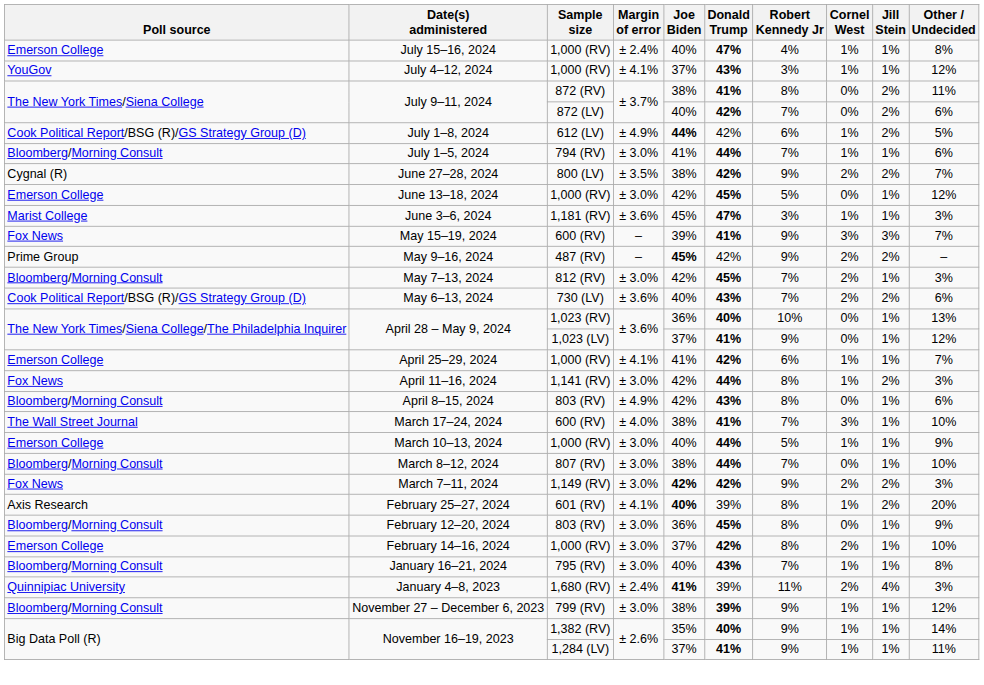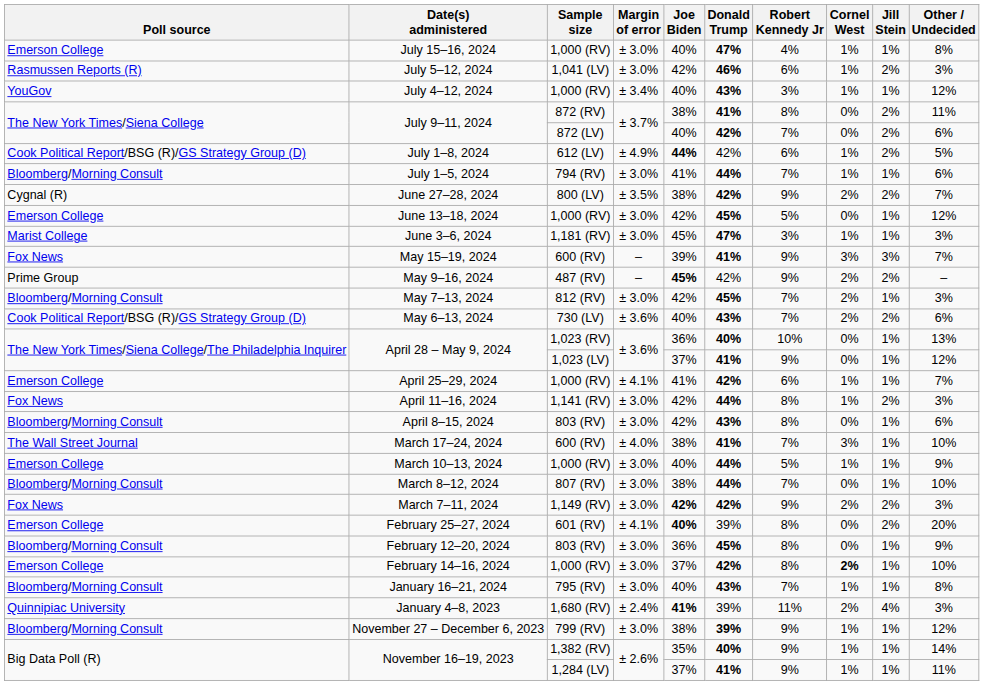 <table class="wikitable sortable mw-datatable" style="font-size:90%;text-align:center;line-height:17px">
 <tr valign=bottom>
 <th>Poll source</th>
 <th>Date(s)<br>administered</th>
 <th>Sample<br>size</th>
 <th>Margin<br>of error</th>
 <th class="unsortable">Joe<br>Biden<br></th>
 <th class="unsortable">Donald<br>Trump<br></th>
 <th class="unsortable">Robert<br>Kennedy Jr<br></th>
 <th class="unsortable">Cornel<br>West<br></th>
 <th class="unsortable">Jill<br>Stein<br></th>
 <th class="unsortable">Other /<br>Undecided</th>
 </tr>
 <tr>
 <td style="text-align:left;"><a href='#'>Emerson College</a></td>
 <td data-sort-value="2024-07-18">July 15–16, 2024</td>
 <td>1,000 (RV)</td>
-<td>± 2.4%</td>
+<td>± 3.0%</td>
 <td>40%</td>
 <td style="background-color:"><strong>47%</strong></td>
 <td>4%</td>
 <td>1%</td>
 <td>1%</td>
 <td>8%</td>
 </tr>
 <tr>
+<td style="text-align:left;"><a href='#'>Rasmussen Reports (R)</a></td>
+<td data-sort-value="2024-07-19">July 5–12, 2024</td>
+<td>1,041 (LV)</td>
+<td>± 3.0%</td>
+<td>42%</td>
+<td style="background-color:"><strong>46%</strong></td>
+<td>6%</td>
+<td>1%</td>
+<td>2%</td>
+<td>3%</td>
+</tr>
+<tr>
 <td style="text-align:left;"><a href='#'>YouGov</a></td>
 <td data-sort-value="2024-07-15">July 4–12, 2024</td>
 <td>1,000 (RV)</td>
-<td>± 4.1%</td>
-<td>37%</td>
+<td>± 3.4%</td>
+<td>40%</td>
 <td style="background-color:"><strong>43%</strong></td>
 <td>3%</td>
 <td>1%</td>
 <td>1%</td>
 <td>12%</td>
 </tr>
 <tr>
 <td style="text-align:left;" rowspan="2"><a href='#'>The New York Times</a>/<a href='#'>Siena College</a></td>
 <td rowspan="2">July 9–11, 2024</td>
 <td>872 (RV)</td>
 <td rowspan="2">± 3.7%</td>
 <td>38%</td>
 <td style="background-color:"><strong>41%</strong></td>
 <td>8%</td>
 <td>0%</td>
 <td>2%</td>
 <td>11%</td>
 </tr>
 <tr>
 <td>872 (LV)</td>
 <td>40%</td>
 <td style="background-color:"><strong>42%</strong></td>
 <td>7%</td>
 <td>0%</td>
 <td>2%</td>
 <td>6%</td>
 </tr>
 <tr>
 <td style="text-align:left;"><a href='#'>Cook Political Report</a>/BSG (R)/<a href='#'>GS Strategy Group (D)</a></td>
 <td data-sort-value="2024-07-08">July 1–8, 2024</td>
 <td>612 (LV)</td>
 <td>± 4.9%</td>
 <td style="color:black;background-color:"><strong>44%</strong></td>
 <td>42%</td>
 <td>6%</td>
 <td>1%</td>
 <td>2%</td>
 <td>5%</td>
 </tr>
 <tr>
 <td style="text-align:left;"><a href='#'>Bloomberg</a>/<a href='#'>Morning Consult</a></td>
 <td data-sort-value="2024-07-06">July 1–5, 2024</td>
 <td>794 (RV)</td>
 <td>± 3.0%</td>
 <td>41%</td>
 <td style="background-color:"><strong>44%</strong></td>
 <td>7%</td>
 <td>1%</td>
 <td>1%</td>
 <td>6%</td>
 </tr>
 <tr>
 <td style="text-align:left;">Cygnal (R)</td>
 <td data-sort-value="2024-07-01">June 27–28, 2024</td>
 <td>800 (LV)</td>
 <td>± 3.5%</td>
 <td>38%</td>
 <td style="background-color:"><strong>42%</strong></td>
 <td>9%</td>
 <td>2%</td>
 <td>2%</td>
 <td>7%</td>
 </tr>
 <tr>
 <td style="text-align:left;"><a href='#'>Emerson College</a></td>
 <td data-sort-value="2024-06-20">June 13–18, 2024</td>
 <td>1,000 (RV)</td>
 <td>± 3.0%</td>
 <td>42%</td>
 <td style="background-color:"><strong>45%</strong></td>
 <td>5%</td>
 <td>0%</td>
 <td>1%</td>
 <td>12%</td>
 </tr>
 <tr>
 <td style="text-align:left;"><a href='#'>Marist College</a></td>
 <td data-sort-value="2024-06-12">June 3–6, 2024</td>
 <td>1,181 (RV)</td>
-<td>± 3.6%</td>
+<td>± 3.0%</td>
 <td>45%</td>
 <td style="background-color:"><strong>47%</strong></td>
 <td>3%</td>
 <td>1%</td>
 <td>1%</td>
 <td>3%</td>
 </tr>
 <tr>
 <td style="text-align:left;"><a href='#'>Fox News</a></td>
 <td data-sort-value="2024-07-08">May 15–19, 2024</td>
 <td>600 (RV)</td>
 <td>–</td>
 <td>39%</td>
 <td style="background-color:"><strong>41%</strong></td>
 <td>9%</td>
 <td>3%</td>
 <td>3%</td>
 <td>7%</td>
 </tr>
 <tr>
 <td style="text-align:left;">Prime Group</td>
 <td data-sort-value="2024-05-22">May 9–16, 2024</td>
 <td>487 (RV)</td>
 <td>–</td>
 <td style="color:black;background-color:"><strong>45%</strong></td>
 <td>42%</td>
 <td>9%</td>
 <td>2%</td>
 <td>2%</td>
 <td>–</td>
 </tr>
 <tr>
 <td style="text-align:left;"><a href='#'>Bloomberg</a>/<a href='#'>Morning Consult</a></td>
 <td data-sort-value="2024-05-22">May 7–13, 2024</td>
 <td>812 (RV)</td>
 <td>± 3.0%</td>
 <td>42%</td>
 <td style="background-color:"><strong>45%</strong></td>
 <td>7%</td>
 <td>2%</td>
 <td>1%</td>
 <td>3%</td>
 </tr>
 <tr>
 <td style="text-align:left;"><a href='#'>Cook Political Report</a>/BSG (R)/<a href='#'>GS Strategy Group (D)</a></td>
 <td data-sort-value="2024-05-23">May 6–13, 2024</td>
 <td>730 (LV)</td>
 <td>± 3.6%</td>
 <td>40%</td>
 <td style="background-color:"><strong>43%</strong></td>
 <td>7%</td>
 <td>2%</td>
 <td>2%</td>
 <td>6%</td>
 </tr>
 <tr>
 <td style="text-align:left;" rowspan="2"><a href='#'>The New York Times</a>/<a href='#'>Siena College</a>/<a href='#'>The Philadelphia Inquirer</a></td>
 <td rowspan="2">April 28 – May 9, 2024</td>
 <td>1,023 (RV)</td>
 <td rowspan="2">± 3.6%</td>
 <td>36%</td>
 <td style="background-color:"><strong>40%</strong></td>
 <td>10%</td>
 <td>0%</td>
 <td>1%</td>
 <td>13%</td>
 </tr>
 <tr>
 <td>1,023 (LV)</td>
 <td>37%</td>
 <td style="background-color:"><strong>41%</strong></td>
 <td>9%</td>
 <td>0%</td>
 <td>1%</td>
 <td>12%</td>
 </tr>
 <tr>
 <td style="text-align:left;"><a href='#'>Emerson College</a></td>
 <td data-sort-value="2024-04-30">April 25–29, 2024</td>
 <td>1,000 (RV)</td>
 <td>± 4.1%</td>
 <td>41%</td>
 <td style="background-color:"><strong>42%</strong></td>
 <td>6%</td>
 <td>1%</td>
 <td>1%</td>
 <td>7%</td>
 </tr>
 <tr>
 <td style="text-align:left;"><a href='#'>Fox News</a></td>
 <td data-sort-value="2024-04-18">April 11–16, 2024</td>
 <td>1,141 (RV)</td>
 <td>± 3.0%</td>
 <td>42%</td>
 <td style="background-color:"><strong>44%</strong></td>
 <td>8%</td>
 <td>1%</td>
 <td>2%</td>
 <td>3%</td>
 </tr>
 <tr>
 <td style="text-align:left;"><a href='#'>Bloomberg</a>/<a href='#'>Morning Consult</a></td>
 <td data-sort-value="2024-04-24">April 8–15, 2024</td>
 <td>803 (RV)</td>
-<td>± 4.9%</td>
+<td>± 3.0%</td>
 <td>42%</td>
 <td style="background-color:"><strong>43%</strong></td>
 <td>8%</td>
 <td>0%</td>
 <td>1%</td>
 <td>6%</td>
 </tr>
 <tr>
 <td style="text-align:left;"><a href='#'>The Wall Street Journal</a></td>
 <td data-sort-value="2024-04-02">March 17–24, 2024</td>
 <td>600 (RV)</td>
 <td>± 4.0%</td>
 <td>38%</td>
 <td style="background-color:"><strong>41%</strong></td>
 <td>7%</td>
 <td>3%</td>
 <td>1%</td>
 <td>10%</td>
 </tr>
 <tr>
 <td style="text-align:left;"><a href='#'>Emerson College</a></td>
 <td data-sort-value="2024-03-14">March 10–13, 2024</td>
 <td>1,000 (RV)</td>
 <td>± 3.0%</td>
 <td>40%</td>
 <td style="background-color:"><strong>44%</strong></td>
 <td>5%</td>
 <td>1%</td>
 <td>1%</td>
 <td>9%</td>
 </tr>
 <tr>
 <td style="text-align:left;"><a href='#'>Bloomberg</a>/<a href='#'>Morning Consult</a></td>
 <td data-sort-value="2024-03-26">March 8–12, 2024</td>
 <td>807 (RV)</td>
 <td>± 3.0%</td>
 <td>38%</td>
 <td style="background-color:"><strong>44%</strong></td>
 <td>7%</td>
 <td>0%</td>
 <td>1%</td>
 <td>10%</td>
 </tr>
 <tr>
 <td style="text-align:left;"><a href='#'>Fox News</a></td>
 <td data-sort-value="2024-03-13">March 7–11, 2024</td>
 <td>1,149 (RV)</td>
 <td>± 3.0%</td>
 <td><strong>42%</strong></td>
 <td><strong>42%</strong></td>
 <td>9%</td>
 <td>2%</td>
 <td>2%</td>
 <td>3%</td>
 </tr>
 <tr>
-<td style="text-align:left;">Axis Research</td>
+<td style="text-align:left;"><a href='#'>Emerson College</a></td>
 <td data-sort-value="2024-02-27">February 25–27, 2024</td>
 <td>601 (RV)</td>
 <td>± 4.1%</td>
 <td style="color:black;background-color:"><strong>40%</strong></td>
 <td>39%</td>
 <td>8%</td>
-<td>1%</td>
+<td>0%</td>
 <td>2%</td>
 <td>20%</td>
 </tr>
 <tr>
 <td style="text-align:left;"><a href='#'>Bloomberg</a>/<a href='#'>Morning Consult</a></td>
 <td data-sort-value="2024-02-29">February 12–20, 2024</td>
 <td>803 (RV)</td>
 <td>± 3.0%</td>
 <td>36%</td>
 <td style="background-color:"><strong>45%</strong></td>
 <td>8%</td>
 <td>0%</td>
 <td>1%</td>
 <td>9%</td>
 </tr>
 <tr>
 <td style="text-align:left;"><a href='#'>Emerson College</a></td>
 <td data-sort-value="2024-02-20">February 14–16, 2024</td>
 <td>1,000 (RV)</td>
 <td>± 3.0%</td>
 <td>37%</td>
 <td style="background-color:"><strong>42%</strong></td>
 <td>8%</td>
-<td>2%</td>
+<td><strong>2%</strong></td>
 <td>1%</td>
 <td>10%</td>
 </tr>
 <tr>
 <td style="text-align:left;"><a href='#'>Bloomberg</a>/<a href='#'>Morning Consult</a></td>
 <td data-sort-value="2024-01-31">January 16–21, 2024</td>
 <td>795 (RV)</td>
 <td>± 3.0%</td>
 <td>40%</td>
 <td style="background-color:"><strong>43%</strong></td>
 <td>7%</td>
 <td>1%</td>
 <td>1%</td>
 <td>8%</td>
 </tr>
 <tr>
 <td style="text-align:left;"><a href='#'>Quinnipiac University</a></td>
 <td data-sort-value="2023-12-14">January 4–8, 2023</td>
 <td>1,680 (RV)</td>
 <td>± 2.4%</td>
 <td style="color:black;background-color:"><strong>41%</strong></td>
 <td>39%</td>
 <td>11%</td>
 <td>2%</td>
 <td>4%</td>
 <td>3%</td>
 </tr>
 <tr>
 <td style="text-align:left;"><a href='#'>Bloomberg</a>/<a href='#'>Morning Consult</a></td>
 <td data-sort-value="2023-12-14">November 27 – December 6, 2023</td>
 <td>799 (RV)</td>
 <td>± 3.0%</td>
 <td>38%</td>
 <td style="background-color:"><strong>39%</strong></td>
 <td>9%</td>
 <td>1%</td>
 <td>1%</td>
 <td>12%</td>
 </tr>
 <tr>
 <td style="text-align:left;" rowspan="2">Big Data Poll (R)</td>
 <td rowspan="2">November 16–19, 2023</td>
 <td>1,382 (RV)</td>
 <td rowspan="2">± 2.6%</td>
 <td>35%</td>
 <td style="background-color:"><strong>40%</strong></td>
 <td>9%</td>
 <td>1%</td>
 <td>1%</td>
 <td>14%</td>
 </tr>
 <tr>
 <td>1,284 (LV)</td>
 <td>37%</td>
 <td style="background-color:"><strong>41%</strong></td>
 <td>9%</td>
 <td>1%</td>
 <td>1%</td>
 <td>11%</td>
 </tr>
 </table>
